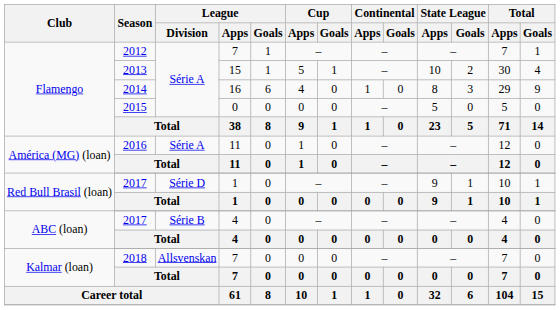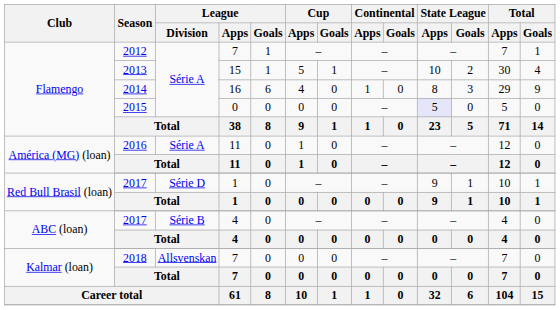 <table class="wikitable" style="text-align: center;">
 <tr>
 <th rowspan="2">Club</th>
 <th rowspan="2">Season</th>
 <th colspan="3">League</th>
 <th colspan="2">Cup</th>
 <th colspan="2">Continental</th>
 <th colspan="2">State League</th>
 <th colspan="2">Total</th>
 </tr>
 <tr>
 <th>Division</th>
 <th>Apps</th>
 <th>Goals</th>
 <th>Apps</th>
 <th>Goals</th>
 <th>Apps</th>
 <th>Goals</th>
 <th>Apps</th>
 <th>Goals</th>
 <th>Apps</th>
 <th>Goals</th>
 </tr>
 <tr>
 <td rowspan="5" valign="center"><a href='#'>Flamengo</a></td>
 <td><a href='#'>2012</a></td>
 <td rowspan="4" valign="center"><a href='#'>Série A</a></td>
 <td>7</td>
 <td>1</td>
 <td colspan=2>–</td>
 <td colspan=2>–</td>
 <td colspan=2>–</td>
 <td>7</td>
 <td>1</td>
 </tr>
 <tr>
 <td><a href='#'>2013</a></td>
 <td>15</td>
 <td>1</td>
 <td>5</td>
 <td>1</td>
 <td colspan=2>–</td>
 <td>10</td>
 <td>2</td>
 <td>30</td>
 <td>4</td>
 </tr>
 <tr>
 <td><a href='#'>2014</a></td>
 <td>16</td>
 <td>6</td>
 <td>4</td>
 <td>0</td>
 <td>1</td>
 <td>0</td>
 <td>8</td>
 <td>3</td>
 <td>29</td>
 <td>9</td>
 </tr>
 <tr>
 <td><a href='#'>2015</a></td>
 <td>0</td>
 <td>0</td>
 <td>0</td>
 <td>0</td>
 <td colspan=2>–</td>
-<td>5</td>
+<td style="background: lavender;">5</td>
 <td>0</td>
 <td>5</td>
 <td>0</td>
 </tr>
 <tr>
 <th colspan="2"><strong>Total</strong></th>
 <th>38</th>
 <th>8</th>
 <th>9</th>
 <th>1</th>
 <th>1</th>
 <th>0</th>
 <th>23</th>
 <th>5</th>
 <th>71</th>
 <th>14</th>
 </tr>
 <tr>
 <td rowspan="2" valign="center"><a href='#'>América (MG)</a> (loan)</td>
 <td><a href='#'>2016</a></td>
 <td><a href='#'>Série A</a></td>
 <td>11</td>
 <td>0</td>
 <td>1</td>
 <td>0</td>
 <td colspan=2>–</td>
 <td colspan=2>–</td>
 <td>12</td>
 <td>0</td>
 </tr>
 <tr>
 <th colspan="2"><strong>Total</strong></th>
 <th>11</th>
 <th>0</th>
 <th>1</th>
 <th>0</th>
 <th colspan=2>–</th>
 <th colspan=2>–</th>
 <th>12</th>
 <th>0</th>
 </tr>
 <tr>
 <td rowspan="3" valign="center"><a href='#'>Red Bull Brasil</a> (loan)</td>
 </tr>
 <tr>
 <td><a href='#'>2017</a></td>
 <td><a href='#'>Série D</a></td>
 <td>1</td>
 <td>0</td>
 <td colspan=2>–</td>
 <td colspan=2>–</td>
 <td>9</td>
 <td>1</td>
 <td>10</td>
 <td>1</td>
 </tr>
 <tr>
 <th colspan="2"><strong>Total</strong></th>
 <th>1</th>
 <th>0</th>
 <th>0</th>
 <th>0</th>
 <th>0</th>
 <th>0</th>
 <th>9</th>
 <th>1</th>
 <th>10</th>
 <th>1</th>
 </tr>
 <tr>
 <td rowspan="3" valign="center"><a href='#'>ABC</a> (loan)</td>
 </tr>
 <tr>
 <td><a href='#'>2017</a></td>
 <td><a href='#'>Série B</a></td>
 <td>4</td>
 <td>0</td>
 <td colspan=2>–</td>
 <td colspan=2>–</td>
 <td colspan=2>–</td>
 <td>4</td>
 <td>0</td>
 </tr>
 <tr>
 <th colspan="2"><strong>Total</strong></th>
 <th>4</th>
 <th>0</th>
 <th>0</th>
 <th>0</th>
 <th>0</th>
 <th>0</th>
 <th>0</th>
 <th>0</th>
 <th>4</th>
 <th>0</th>
 </tr>
 <tr>
 <td rowspan="3" valign="center"><a href='#'>Kalmar</a> (loan)</td>
 </tr>
 <tr>
 <td><a href='#'>2018</a></td>
 <td><a href='#'>Allsvenskan</a></td>
 <td>7</td>
 <td>0</td>
 <td>0</td>
 <td>0</td>
 <td colspan=2>–</td>
 <td colspan=2>–</td>
 <td>7</td>
 <td>0</td>
 </tr>
 <tr>
 <th colspan="2"><strong>Total</strong></th>
 <th>7</th>
 <th>0</th>
 <th>0</th>
 <th>0</th>
 <th>0</th>
 <th>0</th>
 <th>0</th>
 <th>0</th>
 <th>7</th>
 <th>0</th>
 </tr>
 <tr>
 <th colspan="3"><strong>Career total</strong></th>
 <th>61</th>
 <th>8</th>
 <th>10</th>
 <th>1</th>
 <th>1</th>
 <th>0</th>
 <th>32</th>
 <th>6</th>
 <th>104</th>
 <th>15</th>
 </tr>
 <tr>
 </tr>
 </table>
